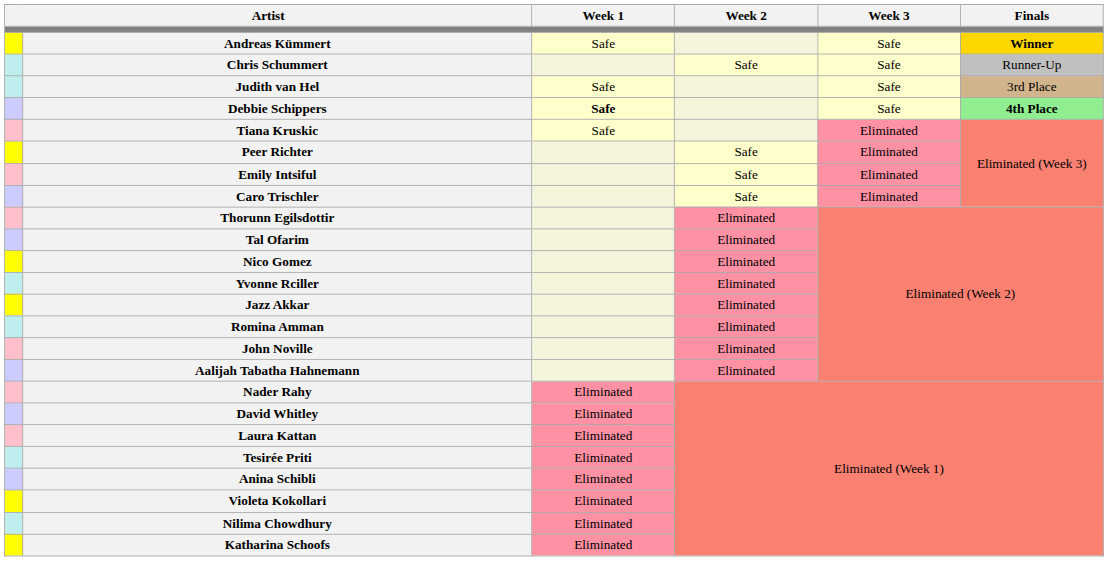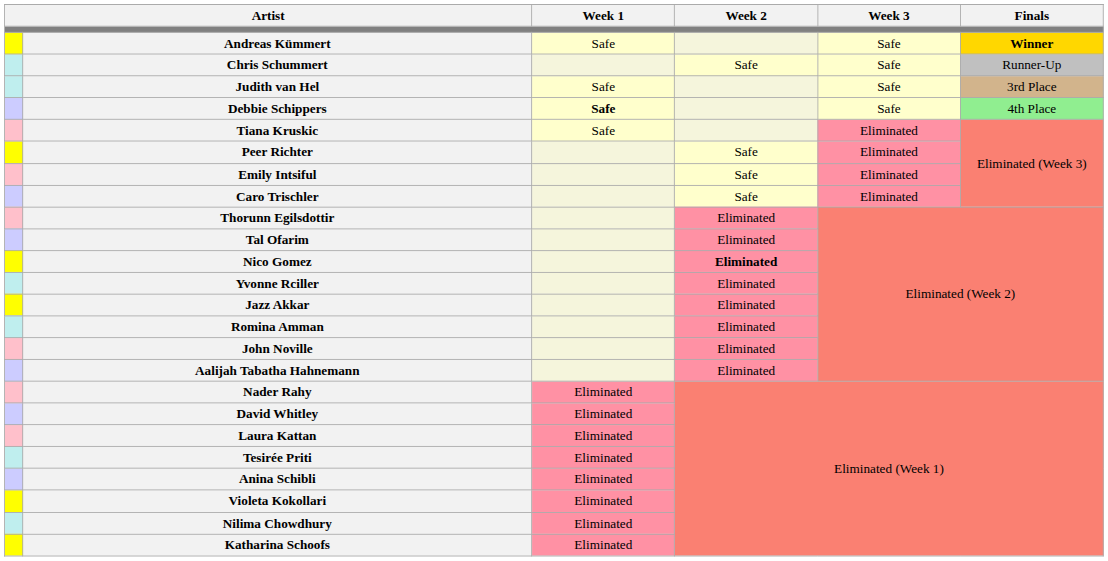 <table class="wikitable"  style="text-align:center; font-size:95%; width:100%;">
 <tr>
 </tr>
 <tr>
 <th colspan="2">Artist</th>
 <th style="width:13%;">Week 1</th>
 <th style="width:13%;">Week 2</th>
 <th style="width:13%;">Week 3</th>
 <th style="width:13%;">Finals</th>
 </tr>
 <tr>
 <th colspan="8" style="background:gray;"></th>
 </tr>
 <tr>
 <th style="background: yellow"></th>
 <th>Andreas Kümmert</th>
 <td style="background:#ffc;">Safe</td>
 <td style="background:#F5F5DC;"></td>
 <td style="background:#ffc;">Safe</td>
 <td style="background:gold;"><strong>Winner</strong></td>
 </tr>
 <tr>
 <th style="background:#bfeeee;"></th>
 <th>Chris Schummert</th>
 <td style="background:#F5F5DC;"></td>
 <td style="background:#ffc;">Safe</td>
 <td style="background:#ffc;">Safe</td>
 <td style="background:silver;">Runner-Up</td>
 </tr>
 <tr>
 <th style="background:#bfeeee;"></th>
 <th>Judith van Hel</th>
 <td style="background:#ffc;">Safe</td>
 <td style="background:#F5F5DC;"></td>
 <td style="background:#ffc;">Safe</td>
 <td style="background:tan;">3rd Place</td>
 </tr>
 <tr>
 <th style="background:#ccf;"></th>
 <th>Debbie Schippers</th>
 <td style="background:#ffc;"><strong>Safe</strong></td>
 <td style="background:#F5F5DC;"></td>
 <td style="background:#ffc;">Safe</td>
-<td style="background:lightgreen;"><strong>4th Place</strong></td>
+<td style="background:lightgreen;">4th Place</td>
 </tr>
 <tr>
 <th style="background:pink;"></th>
 <th>Tiana Kruskic</th>
 <td style="background:#ffc;">Safe</td>
 <td style="background:#F5F5DC;"></td>
 <td style="background:#FF91A4;">Eliminated</td>
 <td rowspan="4" colspan="5" style="background:salmon;">Eliminated (Week 3)</td>
 </tr>
 <tr>
 <th style="background: yellow"></th>
 <th>Peer Richter</th>
 <td style="background:#F5F5DC;"></td>
 <td style="background:#ffc;">Safe</td>
 <td style="background:#FF91A4;">Eliminated</td>
 </tr>
 <tr>
 <th style="background:pink;"></th>
 <th>Emily Intsiful</th>
 <td style="background:#F5F5DC;"></td>
 <td style="background:#ffc;">Safe</td>
 <td style="background:#FF91A4;">Eliminated</td>
 </tr>
 <tr>
 <th style="background:#ccf;"></th>
 <th>Caro Trischler</th>
 <td style="background:#F5F5DC;"></td>
 <td style="background:#ffc;">Safe</td>
 <td style="background:#FF91A4;">Eliminated</td>
 </tr>
 <tr>
 <th style="background:pink;"></th>
 <th>Thorunn Egilsdottir</th>
 <td style="background:#F5F5DC;"></td>
 <td style="background:#FF91A4;">Eliminated</td>
 <td rowspan="8" colspan="5" style="background:salmon;">Eliminated (Week 2)</td>
 </tr>
 <tr>
 <th style="background:#ccf;"></th>
 <th>Tal Ofarim</th>
 <td style="background:#F5F5DC;"></td>
 <td style="background:#FF91A4;">Eliminated</td>
 </tr>
 <tr>
 <th style="background: yellow"></th>
 <th>Nico Gomez</th>
 <td style="background:#F5F5DC;"></td>
-<td style="background:#FF91A4;">Eliminated</td>
+<td style="background:#FF91A4;"><strong>Eliminated</strong></td>
 </tr>
 <tr>
 <th style="background:#bfeeee;"></th>
 <th>Yvonne Rciller</th>
 <td style="background:#F5F5DC;"></td>
 <td style="background:#FF91A4;">Eliminated</td>
 </tr>
 <tr>
 <th style="background: yellow"></th>
 <th>Jazz Akkar</th>
 <td style="background:#F5F5DC;"></td>
 <td style="background:#FF91A4;">Eliminated</td>
 </tr>
 <tr>
 <th style="background:#bfeeee;"></th>
 <th>Romina Amman</th>
 <td style="background:#F5F5DC;"></td>
 <td style="background:#FF91A4;">Eliminated</td>
 </tr>
 <tr>
 <th style="background:pink;"></th>
 <th>John Noville</th>
 <td style="background:#F5F5DC;"></td>
 <td style="background:#FF91A4;">Eliminated</td>
 </tr>
 <tr>
 <th style="background:#ccf;"></th>
 <th>Aalijah Tabatha Hahnemann</th>
 <td style="background:#F5F5DC;"></td>
 <td style="background:#FF91A4;">Eliminated</td>
 </tr>
 <tr>
 <th style="background:pink;"></th>
 <th>Nader Rahy</th>
 <td style="background:#FF91A4;">Eliminated</td>
 <td rowspan="8" colspan="5" style="background:salmon;">Eliminated (Week 1)</td>
 </tr>
 <tr>
 <th style="background:#ccf;"></th>
 <th>David Whitley</th>
 <td style="background:#FF91A4;">Eliminated</td>
 </tr>
 <tr>
 <th style="background:pink;"></th>
 <th>Laura Kattan</th>
 <td style="background:#FF91A4;">Eliminated</td>
 </tr>
 <tr>
 <th style="background:#bfeeee;"></th>
 <th>Tesirée Priti</th>
 <td style="background:#FF91A4;">Eliminated</td>
 </tr>
 <tr>
 <th style="background:#ccf;"></th>
 <th>Anina Schibli</th>
 <td style="background:#FF91A4;">Eliminated</td>
 </tr>
 <tr>
 <th style="background: yellow"></th>
 <th>Violeta Kokollari</th>
 <td style="background:#FF91A4;">Eliminated</td>
 </tr>
 <tr>
 <th style="background:#bfeeee;"></th>
 <th>Nilima Chowdhury</th>
 <td style="background:#FF91A4;">Eliminated</td>
 </tr>
 <tr>
 <th style="background: yellow"></th>
 <th>Katharina Schoofs</th>
 <td style="background:#FF91A4;">Eliminated</td>
 </tr>
 </table>
